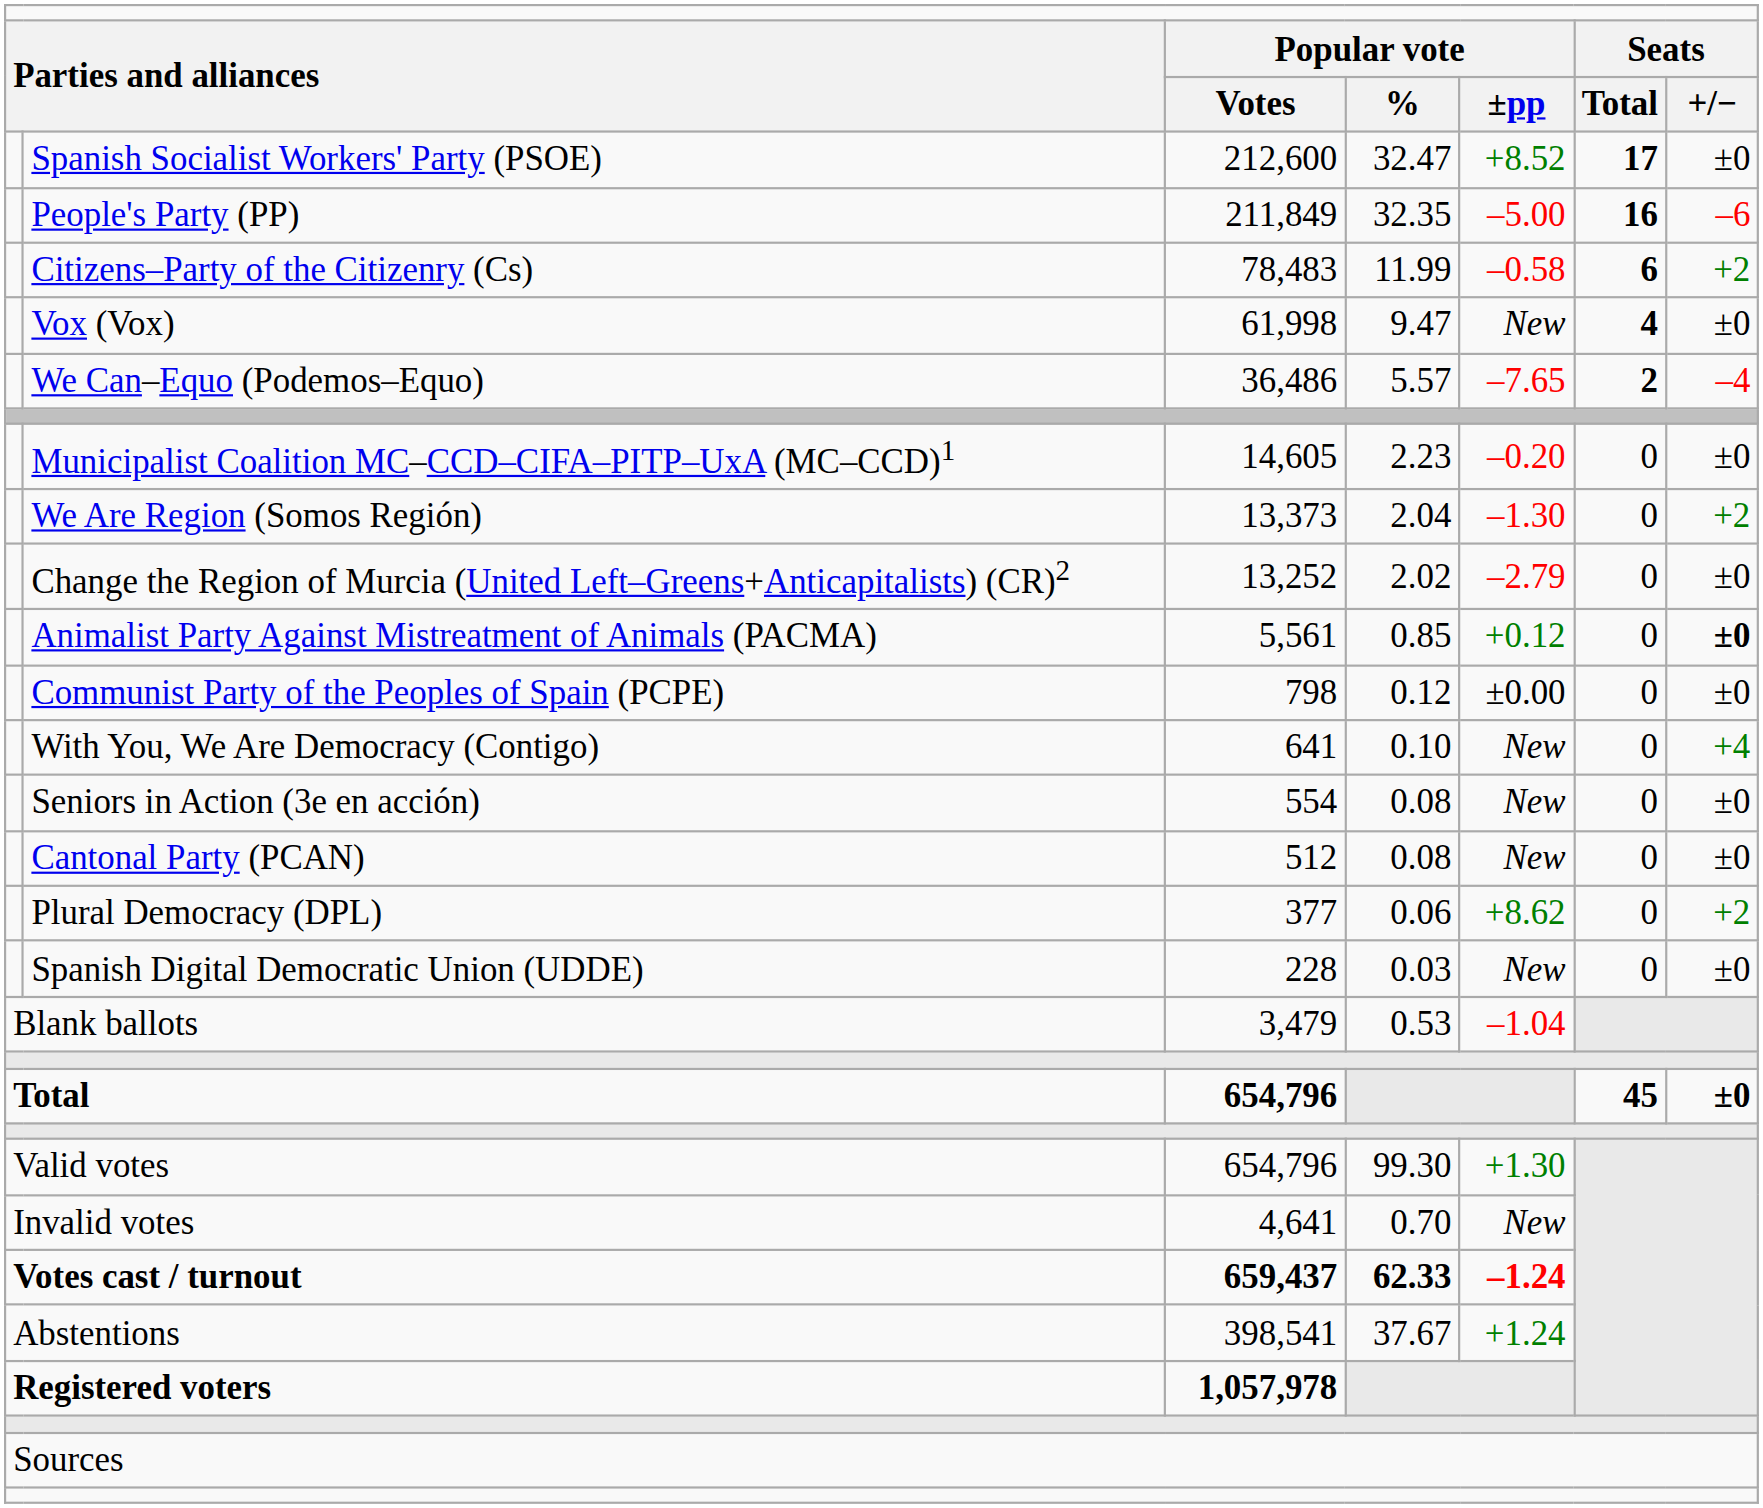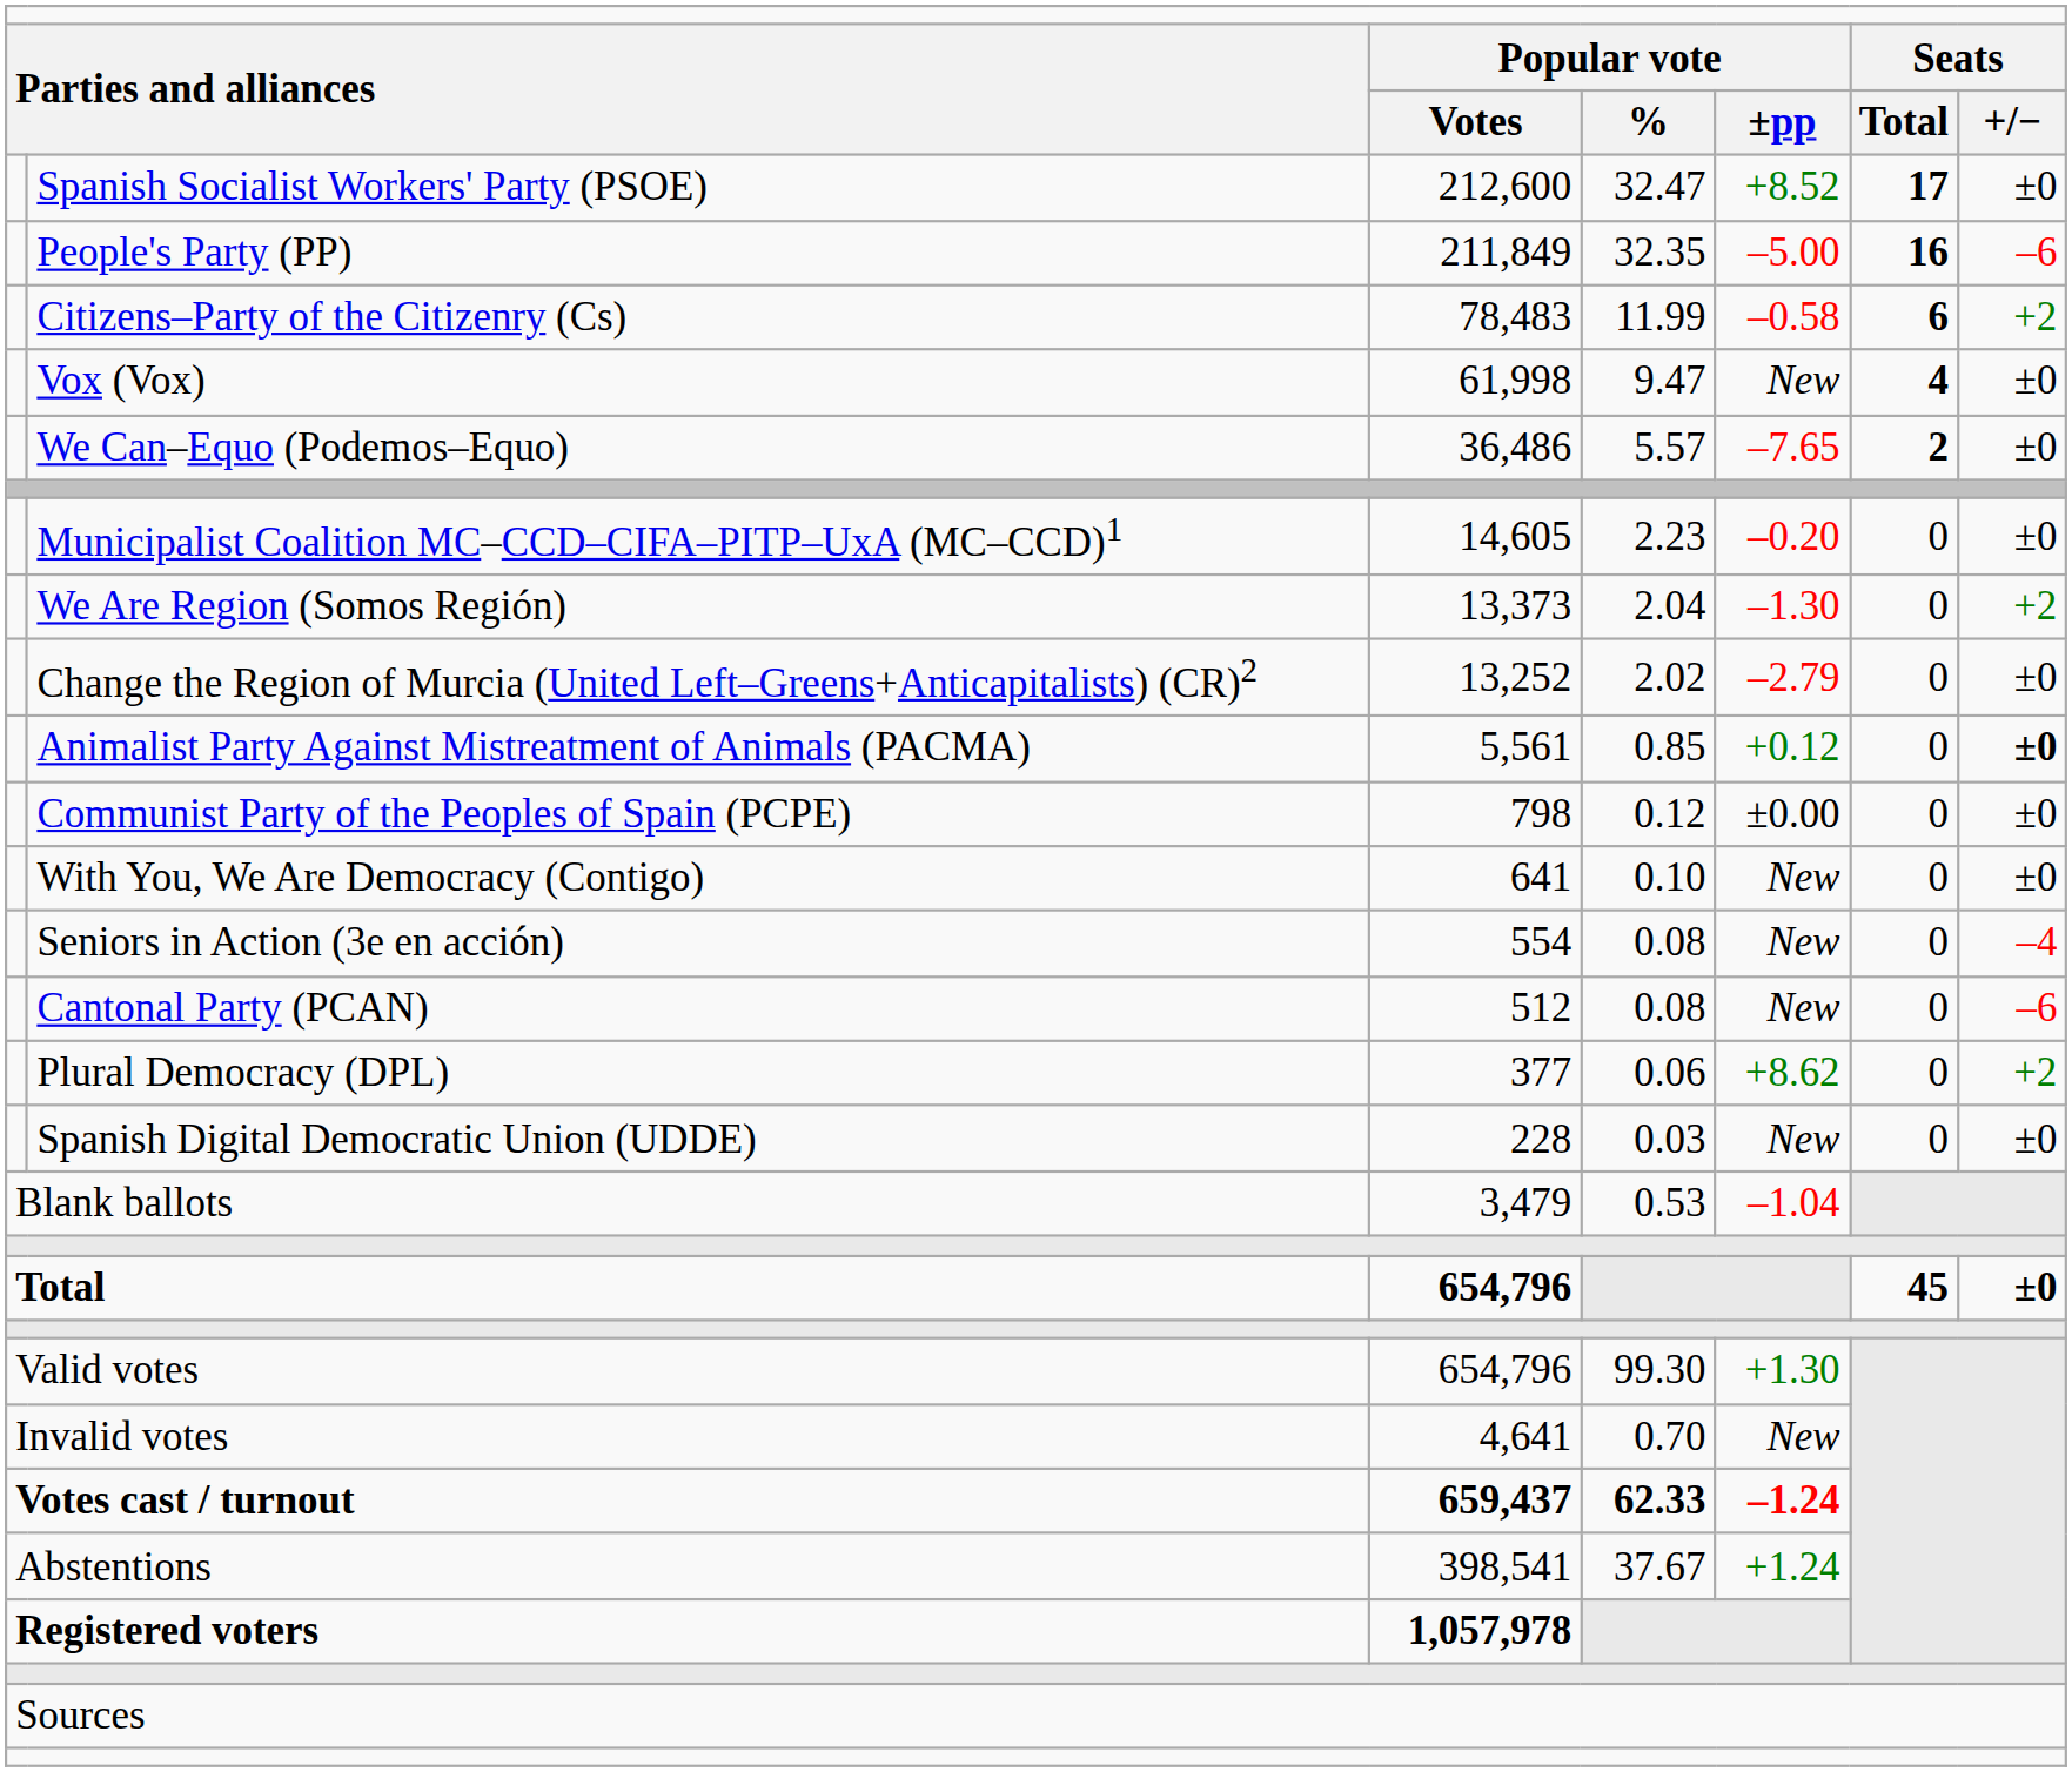 <table class="wikitable" style="text-align:right;">
 <tr>
 <td colspan="7"></td>
 </tr>
 <tr>
 <th style="text-align:left;" rowspan="2" colspan="2" width="525">Parties and alliances</th>
 <th colspan="3">Popular vote</th>
 <th colspan="2">Seats</th>
 </tr>
 <tr>
 <th width="75">Votes</th>
 <th width="45">%</th>
 <th width="45">±<a href='#'>pp</a></th>
 <th width="35">Total</th>
 <th width="35">+/−</th>
 </tr>
 <tr>
 <td width="1" style="color:inherit;background:"></td>
 <td align="left"><a href='#'>Spanish Socialist Workers' Party</a> (PSOE)</td>
 <td>212,600</td>
 <td>32.47</td>
 <td style="color:green;">+8.52</td>
 <td><strong>17</strong></td>
 <td>±0</td>
 </tr>
 <tr>
 <td style="color:inherit;background:"></td>
 <td align="left"><a href='#'>People's Party</a> (PP)</td>
 <td>211,849</td>
 <td>32.35</td>
 <td style="color:red;">–5.00</td>
 <td><strong>16</strong></td>
 <td style="color:red;">–6</td>
 </tr>
 <tr>
 <td style="color:inherit;background:"></td>
 <td align="left"><a href='#'>Citizens–Party of the Citizenry</a> (Cs)</td>
 <td>78,483</td>
 <td>11.99</td>
 <td style="color:red;">–0.58</td>
 <td><strong>6</strong></td>
 <td style="color:green;">+2</td>
 </tr>
 <tr>
 <td style="color:inherit;background:"></td>
 <td align="left"><a href='#'>Vox</a> (Vox)</td>
 <td>61,998</td>
 <td>9.47</td>
 <td><em>New</em></td>
 <td><strong>4</strong></td>
 <td>±0</td>
 </tr>
 <tr>
 <td style="color:inherit;background:"></td>
 <td align="left"><a href='#'>We Can</a>–<a href='#'>Equo</a> (Podemos–Equo)</td>
 <td>36,486</td>
 <td>5.57</td>
 <td style="color:red;">–7.65</td>
 <td><strong>2</strong></td>
-<td style="color:red;">–4</td>
+<td>±0</td>
 </tr>
 <tr>
 <td colspan="7" bgcolor="#C0C0C0"></td>
 </tr>
 <tr>
 <td style="color:inherit;background:"></td>
 <td align="left"><a href='#'>Municipalist Coalition MC</a>–<a href='#'>CCD–CIFA–PITP–UxA</a> (MC–CCD)<sup>1</sup></td>
 <td>14,605</td>
 <td>2.23</td>
 <td style="color:red;">–0.20</td>
 <td>0</td>
 <td>±0</td>
 </tr>
 <tr>
 <td style="color:inherit;background:"></td>
 <td align="left"><a href='#'>We Are Region</a> (Somos Región)</td>
 <td>13,373</td>
 <td>2.04</td>
 <td style="color:red;">–1.30</td>
 <td>0</td>
 <td style="color:green;">+2</td>
 </tr>
 <tr>
 <td style="color:inherit;background:"></td>
 <td align="left">Change the Region of Murcia (<a href='#'>United Left–Greens</a>+<a href='#'>Anticapitalists</a>) (CR)<sup>2</sup></td>
 <td>13,252</td>
 <td>2.02</td>
 <td style="color:red;">–2.79</td>
 <td>0</td>
 <td>±0</td>
 </tr>
 <tr>
 <td style="color:inherit;background:"></td>
 <td align="left"><a href='#'>Animalist Party Against Mistreatment of Animals</a> (PACMA)</td>
 <td>5,561</td>
 <td>0.85</td>
 <td style="color:green;">+0.12</td>
 <td>0</td>
 <td><strong>±0</strong></td>
 </tr>
 <tr>
 <td style="color:inherit;background:"></td>
 <td align="left"><a href='#'>Communist Party of the Peoples of Spain</a> (PCPE)</td>
 <td>798</td>
 <td>0.12</td>
 <td>±0.00</td>
 <td>0</td>
 <td>±0</td>
 </tr>
 <tr>
 <td style="color:inherit;background:"></td>
 <td align="left">With You, We Are Democracy (Contigo)</td>
 <td>641</td>
 <td>0.10</td>
 <td><em>New</em></td>
 <td>0</td>
-<td style="color:green;">+4</td>
+<td>±0</td>
 </tr>
 <tr>
 <td style="color:inherit;background:"></td>
 <td align="left">Seniors in Action (3e en acción)</td>
 <td>554</td>
 <td>0.08</td>
 <td><em>New</em></td>
 <td>0</td>
-<td>±0</td>
+<td style="color:red;">–4</td>
 </tr>
 <tr>
 <td style="color:inherit;background:"></td>
 <td align="left"><a href='#'>Cantonal Party</a> (PCAN)</td>
 <td>512</td>
 <td>0.08</td>
 <td><em>New</em></td>
 <td>0</td>
-<td>±0</td>
+<td style="color:red;">–6</td>
 </tr>
 <tr>
 <td style="color:inherit;background:"></td>
 <td align="left">Plural Democracy (DPL)</td>
 <td>377</td>
 <td>0.06</td>
 <td style="color:green;">+8.62</td>
 <td>0</td>
 <td style="color:green;">+2</td>
 </tr>
 <tr>
 <td style="color:inherit;background:"></td>
 <td align="left">Spanish Digital Democratic Union (UDDE)</td>
 <td>228</td>
 <td>0.03</td>
 <td><em>New</em></td>
 <td>0</td>
 <td>±0</td>
 </tr>
 <tr>
 <td align="left" colspan="2">Blank ballots</td>
 <td>3,479</td>
 <td>0.53</td>
 <td style="color:red;">–1.04</td>
 <td bgcolor="#E9E9E9" colspan="2"></td>
 </tr>
 <tr>
 <td colspan="7" bgcolor="#E9E9E9"></td>
 </tr>
 <tr style="font-weight:bold;">
 <td align="left" colspan="2">Total</td>
 <td>654,796</td>
 <td bgcolor="#E9E9E9" colspan="2"></td>
 <td>45</td>
 <td>±0</td>
 </tr>
 <tr>
 <td colspan="7" bgcolor="#E9E9E9"></td>
 </tr>
 <tr>
 <td align="left" colspan="2">Valid votes</td>
 <td>654,796</td>
 <td>99.30</td>
 <td style="color:green;">+1.30</td>
 <td bgcolor="#E9E9E9" colspan="2" rowspan="5"></td>
 </tr>
 <tr>
 <td align="left" colspan="2">Invalid votes</td>
 <td>4,641</td>
 <td>0.70</td>
 <td><em>New</em></td>
 </tr>
 <tr style="font-weight:bold;">
 <td align="left" colspan="2">Votes cast / turnout</td>
 <td>659,437</td>
 <td>62.33</td>
 <td style="color:red;">–1.24</td>
 </tr>
 <tr>
 <td align="left" colspan="2">Abstentions</td>
 <td>398,541</td>
 <td>37.67</td>
 <td style="color:green;">+1.24</td>
 </tr>
 <tr style="font-weight:bold;">
 <td align="left" colspan="2">Registered voters</td>
 <td>1,057,978</td>
 <td bgcolor="#E9E9E9" colspan="2"></td>
 </tr>
 <tr>
 <td colspan="7" bgcolor="#E9E9E9"></td>
 </tr>
 <tr>
 <td align="left" colspan="7">Sources</td>
 </tr>
 <tr>
 <td colspan="7" style="text-align:left; max-width:790px;"></td>
 </tr>
 </table>
